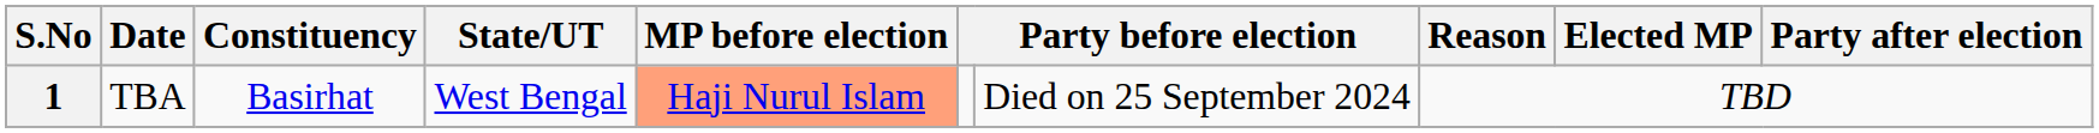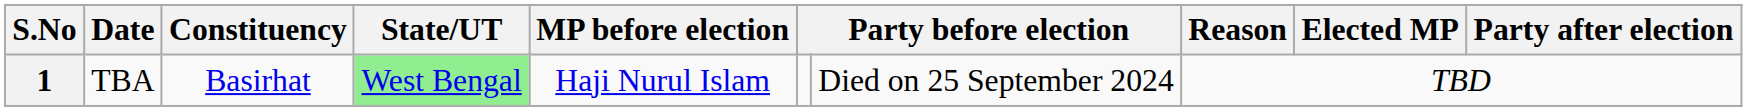 <table class="wikitable sortable" style="text-align:center;">
 <tr>
 <th>S.No</th>
 <th>Date</th>
 <th>Constituency</th>
 <th>State/UT</th>
 <th>MP before election</th>
 <th colspan=2>Party before election</th>
 <th>Reason</th>
 <th>Elected MP</th>
 <th colspan=2>Party after election</th>
 </tr>
 <tr>
 <th>1</th>
 <td>TBA</td>
 <td><a href='#'>Basirhat</a></td>
-<td><a href='#'>West Bengal</a></td>
-<td style="background: lightsalmon;"><a href='#'>Haji Nurul Islam</a></td>
+<td style="background: lightgreen;"><a href='#'>West Bengal</a></td>
+<td><a href='#'>Haji Nurul Islam</a></td>
 <td></td>
 <td>Died on 25 September 2024</td>
 <td colspan=3><em>TBD</em></td>
 </tr>
 </table>
